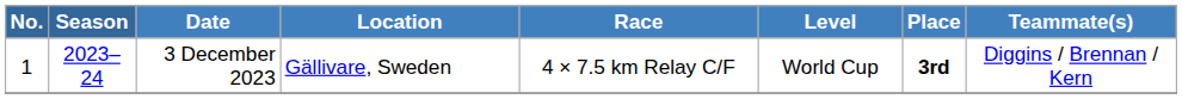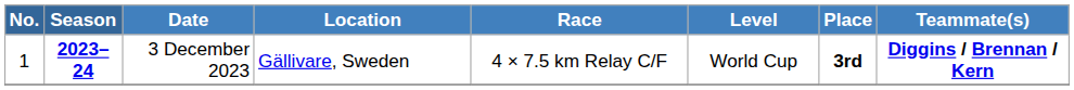 <table class="wikitable sortable" style="font-size:95%; text-align:center; border:grey solid 1px; border-collapse:collapse; background:#ffffff;">
 <tr style="background:#efefef;">
 <th style="background-color:#369; color:white;">No.</th>
 <th style="background-color:#369; color:white;">Season</th>
 <th style="background-color:#4180be; color:white; width:100px;">Date</th>
 <th style="background-color:#4180be; color:white; width:170px;">Location</th>
 <th style="background-color:#4180be; color:white; width:170px;">Race</th>
 <th style="background-color:#4180be; color:white; width:100px;">Level</th>
 <th style="background-color:#4180be; color:white;">Place</th>
 <th style="background-color:#4180be; color:white;">Teammate(s)</th>
 </tr>
 <tr>
 <td align=center>1</td>
-<td rowspan=1 align=center><a href='#'>2023–24</a></td>
+<td rowspan=1 align=center><strong><a href='#'>2023–24</a></strong></td>
 <td align=right>3 December 2023</td>
 <td align=left> <a href='#'>Gällivare</a>, Sweden</td>
 <td>4 × 7.5 km Relay C/F</td>
 <td>World Cup</td>
 <td><strong>3rd</strong></td>
-<td><a href='#'>Diggins</a> / <a href='#'>Brennan</a> / <a href='#'>Kern</a></td>
+<td><strong><a href='#'>Diggins</a> / <a href='#'>Brennan</a> / <a href='#'>Kern</a></strong></td>
 </tr>
 <tr>
 </tr>
 </table>
